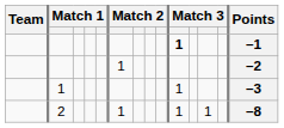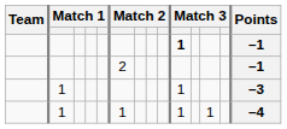 <table class="wikitable sortable" style="text-align:center;">
 <tr>
 <th rowspan=2>Team</th>
 <th colspan=4 style="border-left:3px solid gray">Match 1</th>
 <th colspan=4 style="border-left:3px solid gray">Match 2</th>
 <th colspan=4 style="border-left:3px solid gray">Match 3</th>
 <th rowspan=2 style="border-left:3px solid gray">Points</th>
 </tr>
 <tr>
 <th style="border-left:3px solid gray"></th>
 <th></th>
 <th></th>
 <th></th>
 <th style="border-left:3px solid gray"></th>
 <th></th>
 <th></th>
 <th></th>
 <th style="border-left:3px solid gray"></th>
 <th></th>
 <th></th>
 <th></th>
 </tr>
 <tr>
 <td align=left></td>
 <td style="border-left:3px solid gray"></td>
 <td></td>
 <td></td>
 <td></td>
 <td style="border-left:3px solid gray"></td>
 <td></td>
 <td></td>
 <td></td>
 <td style="border-left:3px solid gray"><strong>1</strong></td>
 <td></td>
 <td></td>
 <td></td>
 <th style="border-left:3px solid gray">–1</th>
 </tr>
 <tr>
 <td align=left></td>
 <td style="border-left:3px solid gray"></td>
 <td></td>
 <td></td>
 <td></td>
-<td style="border-left:3px solid gray">1</td>
+<td style="border-left:3px solid gray">2</td>
 <td></td>
 <td></td>
 <td></td>
 <td style="border-left:3px solid gray"></td>
 <td></td>
 <td></td>
 <td></td>
-<th style="border-left:3px solid gray">–2</th>
+<th style="border-left:3px solid gray">–1</th>
 </tr>
 <tr>
 <td align=left></td>
 <td style="border-left:3px solid gray">1</td>
 <td></td>
 <td></td>
 <td></td>
 <td style="border-left:3px solid gray"></td>
 <td></td>
 <td></td>
 <td></td>
 <td style="border-left:3px solid gray">1</td>
 <td></td>
 <td></td>
 <td></td>
 <th style="border-left:3px solid gray">–3</th>
 </tr>
 <tr>
 <td align=left></td>
-<td style="border-left:3px solid gray">2</td>
+<td style="border-left:3px solid gray">1</td>
 <td></td>
 <td></td>
 <td></td>
 <td style="border-left:3px solid gray">1</td>
 <td></td>
 <td></td>
 <td></td>
 <td style="border-left:3px solid gray">1</td>
 <td></td>
 <td>1</td>
 <td></td>
-<th style="border-left:3px solid gray">–8</th>
+<th style="border-left:3px solid gray">–4</th>
 </tr>
 </table>
